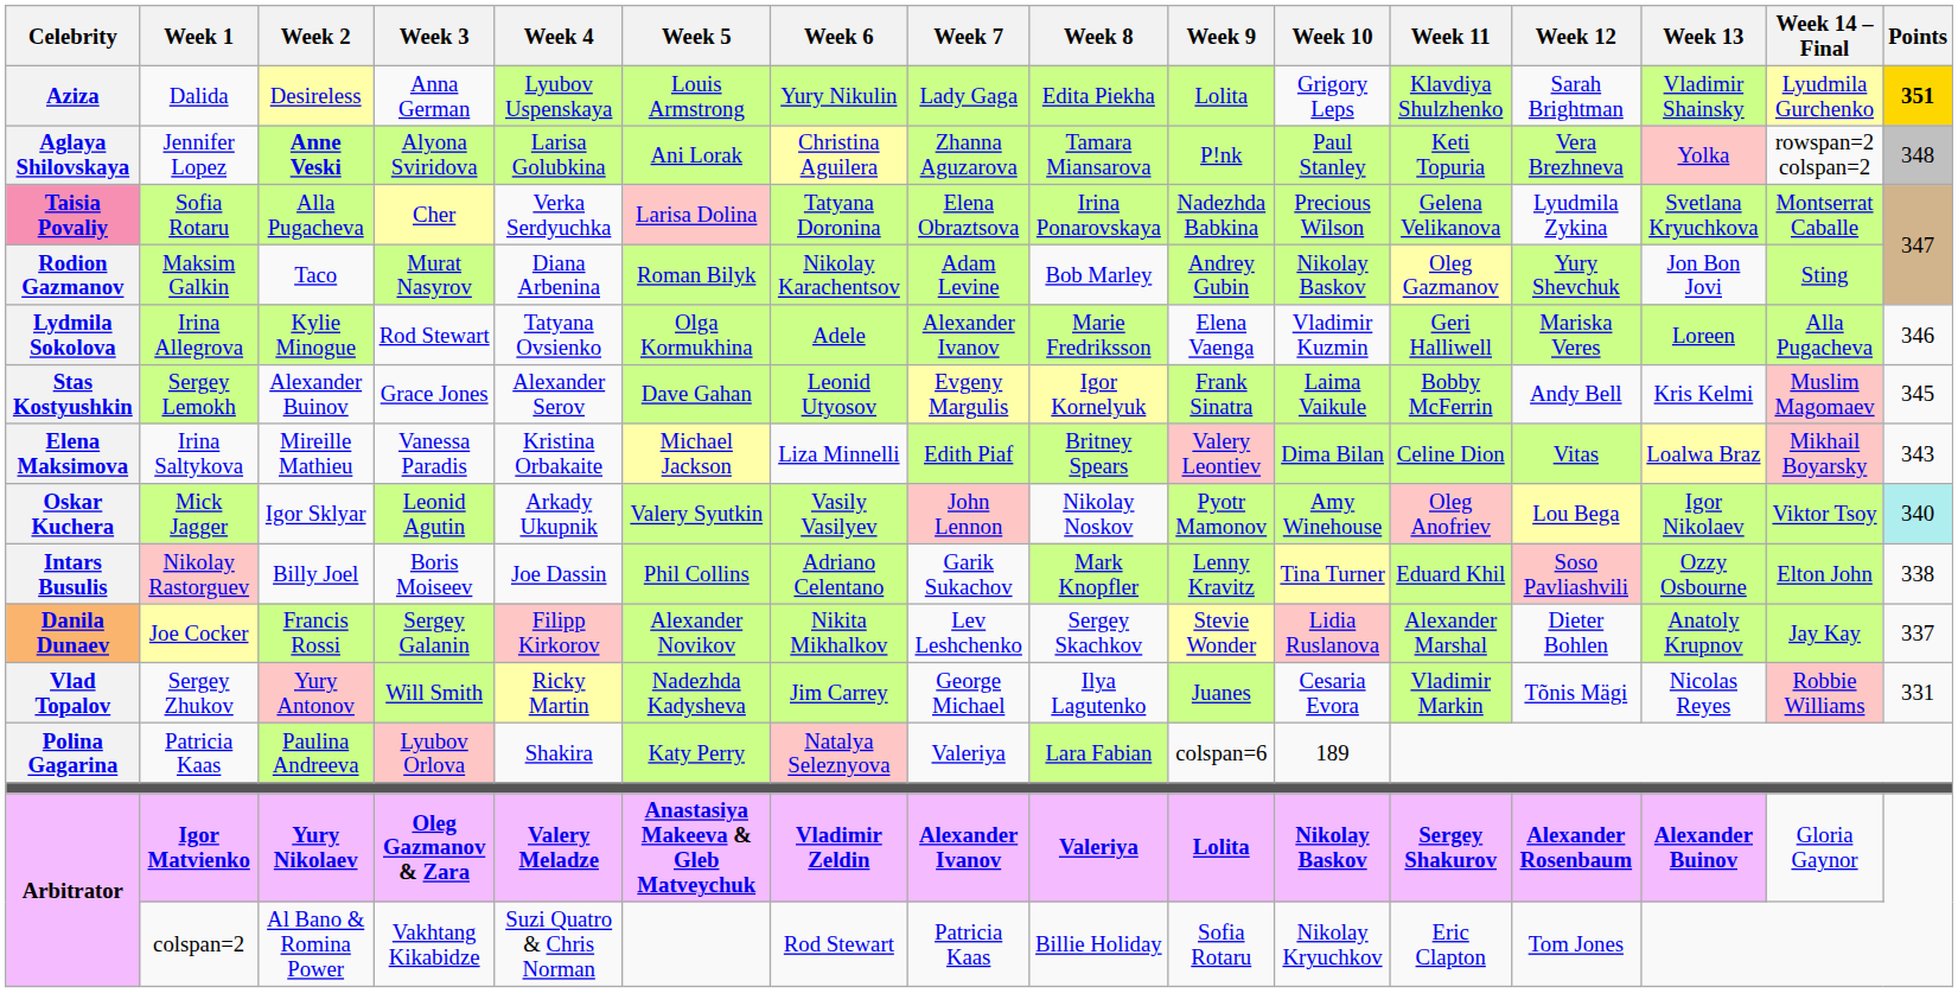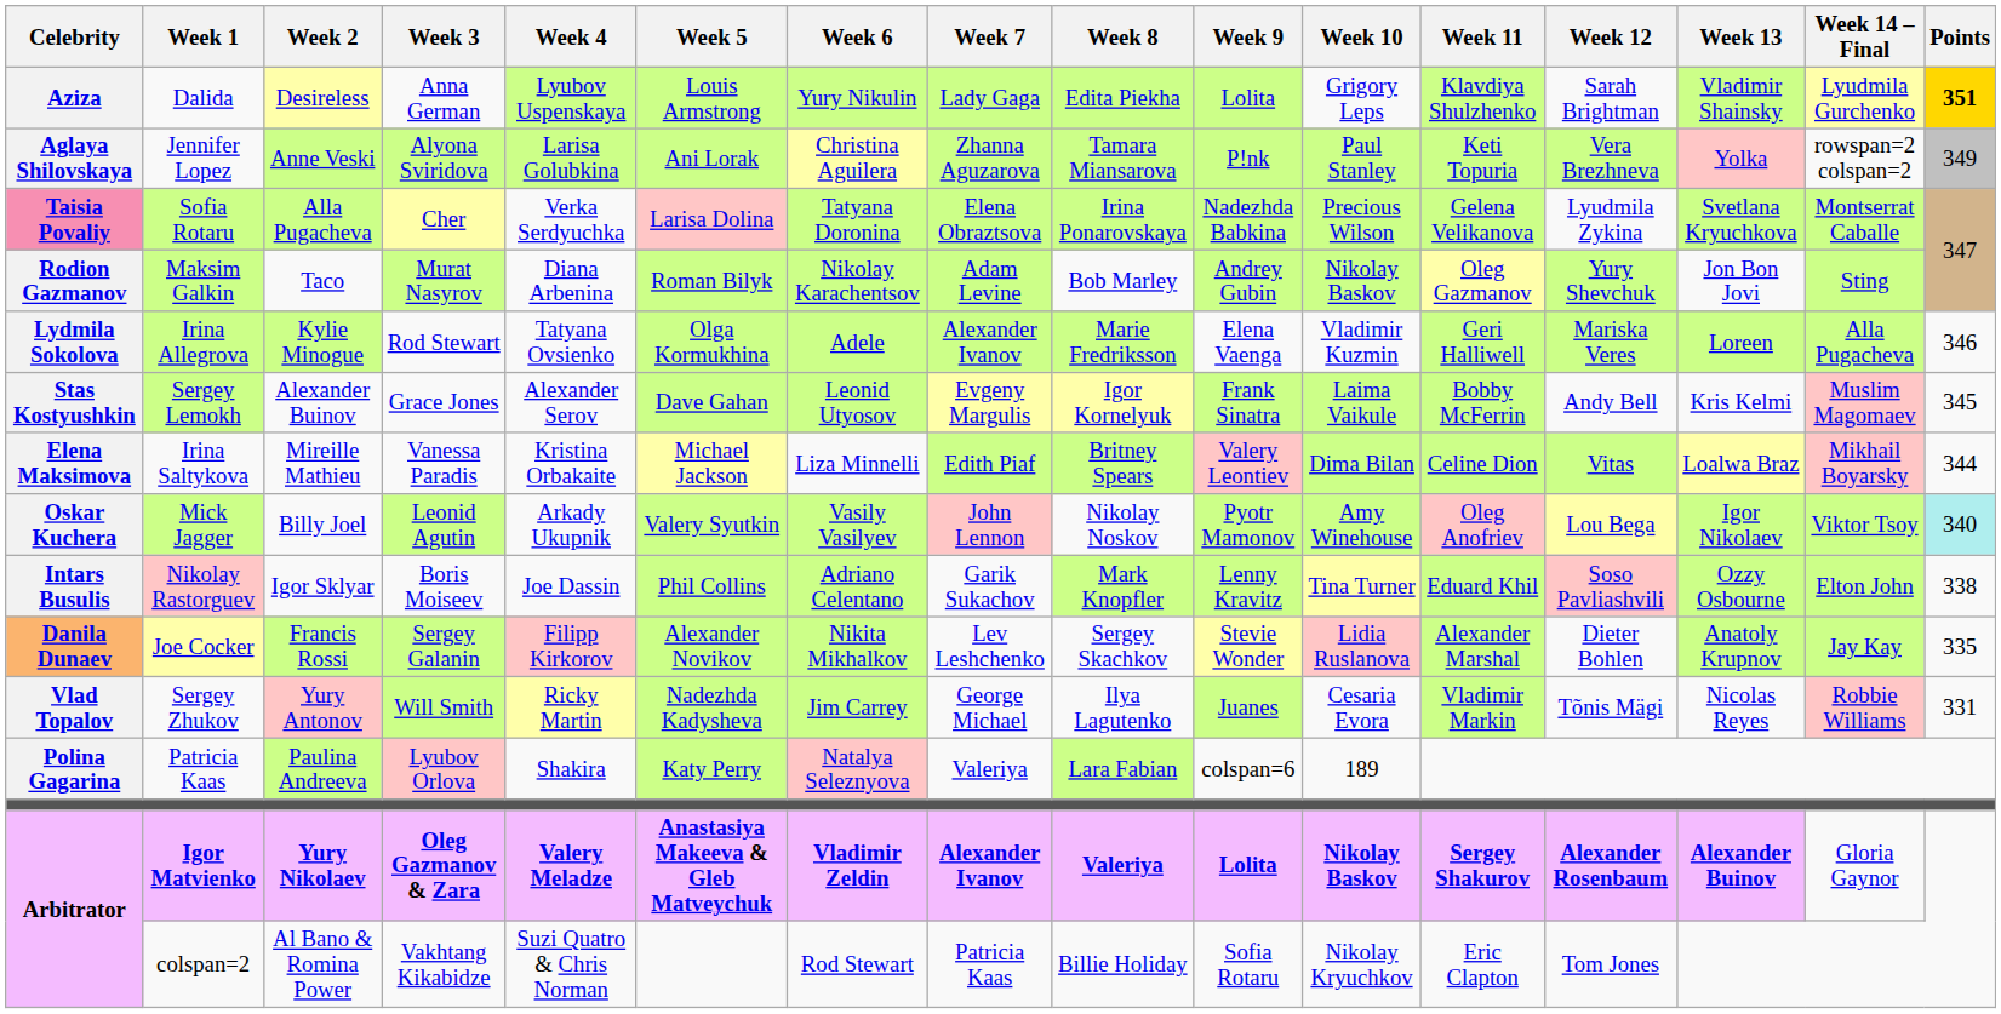 <table class="wikitable" style="text-align:center; font-size:90%; line-height:16px;" width="100%">
 <tr>
 <th>Celebrity</th>
 <th>Week 1</th>
 <th>Week 2</th>
 <th>Week 3</th>
 <th>Week 4</th>
 <th>Week 5</th>
 <th>Week 6</th>
 <th>Week 7</th>
 <th>Week 8</th>
 <th>Week 9</th>
 <th>Week 10</th>
 <th>Week 11</th>
 <th>Week 12</th>
 <th>Week 13</th>
 <th>Week 14 – Final</th>
 <th>Points</th>
 </tr>
 <tr>
 <th><a href='#'>Aziza</a></th>
 <td><a href='#'>Dalida</a></td>
 <td style="background:#ffffaa;"><a href='#'>Desireless</a></td>
 <td><a href='#'>Anna German</a></td>
 <td style="background:#ccff88;"><a href='#'>Lyubov Uspenskaya</a></td>
 <td style="background:#ccff88;"><a href='#'>Louis Armstrong</a></td>
 <td style="background:#ccff88;"><a href='#'>Yury Nikulin</a></td>
 <td style="background:#ccff88;"><a href='#'>Lady Gaga</a></td>
 <td style="background:#ccff88;"><a href='#'>Edita Piekha</a></td>
 <td style="background:#ccff88;"><a href='#'>Lolita</a></td>
 <td><a href='#'>Grigory Leps</a></td>
 <td style="background:#ccff88;"><a href='#'>Klavdiya Shulzhenko</a></td>
 <td><a href='#'>Sarah Brightman</a></td>
 <td style="background:#ccff88;"><a href='#'>Vladimir Shainsky</a></td>
 <td style="background:#ffffaa;"><a href='#'>Lyudmila Gurchenko</a></td>
 <td style="background:gold;"><strong>351</strong></td>
 </tr>
 <tr>
 <th><a href='#'>Aglaya Shilovskaya</a></th>
 <td><a href='#'>Jennifer Lopez</a></td>
-<td style="background:#ccff88;"><strong><a href='#'>Anne Veski</a></strong></td>
+<td style="background:#ccff88;"><a href='#'>Anne Veski</a></td>
 <td style="background:#ccff88;"><a href='#'>Alyona Sviridova</a></td>
 <td style="background:#ccff88;"><a href='#'>Larisa Golubkina</a></td>
 <td style="background:#ccff88;"><a href='#'>Ani Lorak</a></td>
 <td style="background:#ffffaa;"><a href='#'>Christina Aguilera</a></td>
 <td style="background:#ccff88;"><a href='#'>Zhanna Aguzarova</a></td>
 <td style="background:#ccff88;"><a href='#'>Tamara Miansarova</a></td>
 <td style="background:#ccff88;"><a href='#'>P!nk</a></td>
 <td style="background:#ccff88;"><a href='#'>Paul Stanley</a></td>
 <td style="background:#ccff88;"><a href='#'>Keti Topuria</a></td>
 <td style="background:#ccff88;"><a href='#'>Vera Brezhneva</a></td>
 <td style="background:#ffc6c6;"><a href='#'>Yolka</a></td>
 <td>rowspan=2 colspan=2 </td>
-<td style="background:silver;">348</td>
+<td style="background:silver;">349</td>
 </tr>
 <tr>
 <th style="background:#f78fb2;"><a href='#'>Taisia Povaliy</a></th>
 <td style="background:#ccff88;"><a href='#'>Sofia Rotaru</a></td>
 <td style="background:#ccff88;"><a href='#'>Alla Pugacheva</a></td>
 <td style="background:#ffffaa;"><a href='#'>Cher</a></td>
 <td><a href='#'>Verka Serdyuchka</a></td>
 <td style="background:#ffc6c6;"><a href='#'>Larisa Dolina</a></td>
 <td style="background:#ccff88;"><a href='#'>Tatyana Doronina</a></td>
 <td style="background:#ccff88;"><a href='#'>Elena Obraztsova</a></td>
 <td style="background:#ccff88;"><a href='#'>Irina Ponarovskaya</a></td>
 <td style="background:#ccff88;"><a href='#'>Nadezhda Babkina</a></td>
 <td style="background:#ccff88;"><a href='#'>Precious Wilson</a></td>
 <td style="background:#ccff88;"><a href='#'>Gelena Velikanova</a></td>
 <td><a href='#'>Lyudmila Zykina</a></td>
 <td style="background:#ccff88;"><a href='#'>Svetlana Kryuchkova</a></td>
 <td style="background:#ccff88;"><a href='#'>Montserrat Caballe</a></td>
 <td rowspan=2 style="background:tan;">347</td>
 </tr>
 <tr>
 <th><a href='#'>Rodion Gazmanov</a></th>
 <td style="background:#ccff88;"><a href='#'>Maksim Galkin</a></td>
 <td><a href='#'>Taco</a></td>
 <td style="background:#ccff88;"><a href='#'>Murat Nasyrov</a></td>
 <td><a href='#'>Diana Arbenina</a></td>
 <td style="background:#ccff88;"><a href='#'>Roman Bilyk</a></td>
 <td style="background:#ccff88;"><a href='#'>Nikolay Karachentsov</a></td>
 <td style="background:#ccff88;"><a href='#'>Adam Levine</a></td>
 <td><a href='#'>Bob Marley</a></td>
 <td style="background:#ccff88;"><a href='#'>Andrey Gubin</a></td>
 <td style="background:#ccff88;"><a href='#'>Nikolay Baskov</a></td>
 <td style="background:#ffffaa;"><a href='#'>Oleg Gazmanov</a></td>
 <td style="background:#ccff88;"><a href='#'>Yury Shevchuk</a></td>
 <td><a href='#'>Jon Bon Jovi</a></td>
 <td style="background:#ccff88;"><a href='#'>Sting</a></td>
 </tr>
 <tr>
 <th><a href='#'>Lydmila Sokolova</a></th>
 <td style="background:#ccff88;"><a href='#'>Irina Allegrova</a></td>
 <td style="background:#ccff88;"><a href='#'>Kylie Minogue</a></td>
 <td><a href='#'>Rod Stewart</a></td>
 <td><a href='#'>Tatyana Ovsienko</a></td>
 <td style="background:#ccff88;"><a href='#'>Olga Kormukhina</a></td>
 <td style="background:#ccff88;"><a href='#'>Adele</a></td>
 <td style="background:#ccff88;"><a href='#'>Alexander Ivanov</a></td>
 <td style="background:#ccff88;"><a href='#'>Marie Fredriksson</a></td>
 <td><a href='#'>Elena Vaenga</a></td>
 <td><a href='#'>Vladimir Kuzmin</a></td>
 <td style="background:#ccff88;"><a href='#'>Geri Halliwell</a></td>
 <td style="background:#ccff88;"><a href='#'>Mariska Veres</a></td>
 <td style="background:#ccff88;"><a href='#'>Loreen</a></td>
 <td style="background:#ccff88;"><a href='#'>Alla Pugacheva</a></td>
 <td>346</td>
 </tr>
 <tr>
 <th><a href='#'>Stas Kostyushkin</a></th>
 <td style="background:#ccff88;"><a href='#'>Sergey Lemokh</a></td>
 <td><a href='#'>Alexander Buinov</a></td>
 <td><a href='#'>Grace Jones</a></td>
 <td><a href='#'>Alexander Serov</a></td>
 <td style="background:#ccff88;"><a href='#'>Dave Gahan</a></td>
 <td style="background:#ccff88;"><a href='#'>Leonid Utyosov</a></td>
 <td style="background:#ffffaa;"><a href='#'>Evgeny Margulis</a></td>
 <td style="background:#ffffaa;"><a href='#'>Igor Kornelyuk</a></td>
 <td style="background:#ccff88;"><a href='#'>Frank Sinatra</a></td>
 <td style="background:#ccff88;"><a href='#'>Laima Vaikule</a></td>
 <td style="background:#ccff88;"><a href='#'>Bobby McFerrin</a></td>
 <td><a href='#'>Andy Bell</a></td>
 <td><a href='#'>Kris Kelmi</a></td>
 <td style="background:#ffc6c6;"><a href='#'>Muslim Magomaev</a></td>
 <td>345</td>
 </tr>
 <tr>
 <th><a href='#'>Elena Maksimova</a></th>
 <td><a href='#'>Irina Saltykova</a></td>
 <td><a href='#'>Mireille Mathieu</a></td>
 <td><a href='#'>Vanessa Paradis</a></td>
 <td><a href='#'>Kristina Orbakaite</a></td>
 <td style="background:#ffffaa;"><a href='#'>Michael Jackson</a></td>
 <td><a href='#'>Liza Minnelli</a> </td>
 <td style="background:#ccff88;"><a href='#'>Edith Piaf</a></td>
 <td style="background:#ccff88;"><a href='#'>Britney Spears</a></td>
 <td style="background:#ffc6c6;"><a href='#'>Valery Leontiev</a></td>
 <td style="background:#ccff88;"><a href='#'>Dima Bilan</a></td>
 <td style="background:#ccff88;"><a href='#'>Celine Dion</a></td>
 <td style="background:#ccff88;"><a href='#'>Vitas</a></td>
 <td style="background:#ffffaa;"><a href='#'>Loalwa Braz</a></td>
 <td style="background:#ffc6c6;"><a href='#'>Mikhail Boyarsky</a></td>
-<td>343</td>
+<td>344</td>
 </tr>
 <tr>
 <th><a href='#'>Oskar Kuchera</a></th>
 <td style="background:#ccff88;"><a href='#'>Mick Jagger</a></td>
-<td><a href='#'>Igor Sklyar</a></td>
+<td><a href='#'>Billy Joel</a></td>
 <td style="background:#ccff88;"><a href='#'>Leonid Agutin</a></td>
 <td><a href='#'>Arkady Ukupnik</a></td>
 <td style="background:#ccff88;"><a href='#'>Valery Syutkin</a></td>
 <td style="background:#ccff88;"><a href='#'>Vasily Vasilyev</a></td>
 <td style="background:#ffc6c6;"><a href='#'>John Lennon</a></td>
 <td><a href='#'>Nikolay Noskov</a></td>
 <td style="background:#ccff88;"><a href='#'>Pyotr Mamonov</a></td>
 <td style="background:#ccff88;"><a href='#'>Amy Winehouse</a></td>
 <td style="background:#ffc6c6;"><a href='#'>Oleg Anofriev</a></td>
 <td style="background:#ffffaa;"><a href='#'>Lou Bega</a></td>
 <td style="background:#ccff88;"><a href='#'>Igor Nikolaev</a></td>
 <td style="background:#ccff88;"><a href='#'>Viktor Tsoy</a></td>
 <td style="background: paleturquoise;">340</td>
 </tr>
 <tr>
 <th><a href='#'>Intars Busulis</a></th>
 <td style="background:#ffc6c6;"><a href='#'>Nikolay Rastorguev</a></td>
-<td><a href='#'>Billy Joel</a></td>
+<td><a href='#'>Igor Sklyar</a></td>
 <td><a href='#'>Boris Moiseev</a></td>
 <td><a href='#'>Joe Dassin</a></td>
 <td style="background:#ccff88;"><a href='#'>Phil Collins</a></td>
 <td style="background:#ccff88;"><a href='#'>Adriano Celentano</a></td>
 <td><a href='#'>Garik Sukachov</a></td>
 <td style="background:#ccff88;"><a href='#'>Mark Knopfler</a></td>
 <td style="background:#ccff88;"><a href='#'>Lenny Kravitz</a></td>
 <td style="background:#ffffaa;"><a href='#'>Tina Turner</a></td>
 <td style="background:#ccff88;"><a href='#'>Eduard Khil</a></td>
 <td style="background:#ffc6c6;"><a href='#'>Soso Pavliashvili</a></td>
 <td style="background:#ccff88;"><a href='#'>Ozzy Osbourne</a></td>
 <td style="background:#ccff88;"><a href='#'>Elton John</a></td>
 <td>338</td>
 </tr>
 <tr>
 <th style="background:#fbb46e;"><a href='#'>Danila Dunaev</a></th>
 <td style="background:#ffffaa;"><a href='#'>Joe Cocker</a></td>
 <td style="background:#ccff88;"><a href='#'>Francis Rossi</a></td>
 <td style="background:#ccff88;"><a href='#'>Sergey Galanin</a></td>
 <td style="background:#ffc6c6;"><a href='#'>Filipp Kirkorov</a></td>
 <td style="background:#ccff88;"><a href='#'>Alexander Novikov</a></td>
 <td style="background:#ccff88;"><a href='#'>Nikita Mikhalkov</a></td>
 <td><a href='#'>Lev Leshchenko</a></td>
 <td><a href='#'>Sergey Skachkov</a></td>
 <td style="background:#ffffaa;"><a href='#'>Stevie Wonder</a></td>
 <td style="background:#ffc6c6;"><a href='#'>Lidia Ruslanova</a></td>
 <td style="background:#ccff88;"><a href='#'>Alexander Marshal</a></td>
 <td><a href='#'>Dieter Bohlen</a></td>
 <td style="background:#ccff88;"><a href='#'>Anatoly Krupnov</a></td>
 <td style="background:#ccff88;"><a href='#'>Jay Kay</a></td>
-<td>337</td>
+<td>335</td>
 </tr>
 <tr>
 <th><a href='#'>Vlad Topalov</a></th>
 <td><a href='#'>Sergey Zhukov</a></td>
 <td style="background:#ffc6c6;"><a href='#'>Yury Antonov</a></td>
 <td style="background:#ccff88;"><a href='#'>Will Smith</a></td>
 <td style="background:#ffffaa;"><a href='#'>Ricky Martin</a></td>
 <td style="background:#ccff88;"><a href='#'>Nadezhda Kadysheva</a></td>
 <td style="background:#ccff88;"><a href='#'>Jim Carrey</a></td>
 <td><a href='#'>George Michael</a></td>
 <td><a href='#'>Ilya Lagutenko</a></td>
 <td style="background:#ccff88;"><a href='#'>Juanes</a></td>
 <td><a href='#'>Cesaria Evora</a></td>
 <td style="background:#ccff88;"><a href='#'>Vladimir Markin</a></td>
 <td><a href='#'>Tõnis Mägi</a></td>
 <td><a href='#'>Nicolas Reyes</a></td>
 <td style="background:#ffc6c6;"><a href='#'>Robbie Williams</a></td>
 <td>331</td>
 </tr>
 <tr>
 <th><a href='#'>Polina Gagarina</a></th>
 <td><a href='#'>Patricia Kaas</a></td>
 <td style="background:#ccff88;"><a href='#'>Paulina Andreeva</a></td>
 <td style="background:#ffc6c6;"><a href='#'>Lyubov Orlova</a></td>
 <td><a href='#'>Shakira</a></td>
 <td style="background:#ccff88;"><a href='#'>Katy Perry</a></td>
 <td style="background:#ffc6c6;"><a href='#'>Natalya Seleznyova</a></td>
 <td><a href='#'>Valeriya</a></td>
 <td style="background:#ccff88;"><a href='#'>Lara Fabian</a></td>
 <td>colspan=6 </td>
 <td>189</td>
 </tr>
 <tr>
 <td colspan=17 style="background:#555555;"></td>
 </tr>
 <tr>
 <th rowspan=2 style="background:#f4bbff">Arbitrator</th>
 <th style="background:#f4bbff"><a href='#'>Igor Matvienko</a></th>
 <th style="background:#f4bbff"><a href='#'>Yury Nikolaev</a></th>
 <th style="background:#f4bbff"><a href='#'>Oleg Gazmanov</a> & <a href='#'>Zara</a></th>
 <th style="background:#f4bbff"><a href='#'>Valery Meladze</a></th>
 <th style="background:#f4bbff"><a href='#'>Anastasiya Makeeva</a> & <a href='#'>Gleb Matveychuk</a></th>
 <th style="background:#f4bbff"><a href='#'>Vladimir Zeldin</a></th>
 <th style="background:#f4bbff"><a href='#'>Alexander Ivanov</a></th>
 <th style="background:#f4bbff"><a href='#'>Valeriya</a></th>
 <th style="background:#f4bbff"><a href='#'>Lolita</a></th>
 <th style="background:#f4bbff"><a href='#'>Nikolay Baskov</a></th>
 <th style="background:#f4bbff"><a href='#'>Sergey Shakurov</a></th>
 <th style="background:#f4bbff"><a href='#'>Alexander Rosenbaum</a></th>
 <th style="background:#f4bbff"><a href='#'>Alexander Buinov</a></th>
 <td><a href='#'>Gloria Gaynor</a></td>
 </tr>
 <tr>
 <td>colspan=2 </td>
 <td><a href='#'>Al Bano & Romina Power</a></td>
 <td><a href='#'>Vakhtang Kikabidze</a></td>
 <td><a href='#'>Suzi Quatro</a> & <a href='#'>Chris Norman</a></td>
 <td></td>
 <td><a href='#'>Rod Stewart</a></td>
 <td><a href='#'>Patricia Kaas</a></td>
 <td><a href='#'>Billie Holiday</a></td>
 <td><a href='#'>Sofia Rotaru</a></td>
 <td><a href='#'>Nikolay Kryuchkov</a></td>
 <td><a href='#'>Eric Clapton</a></td>
 <td><a href='#'>Tom Jones</a></td>
 </tr>
 </table>
